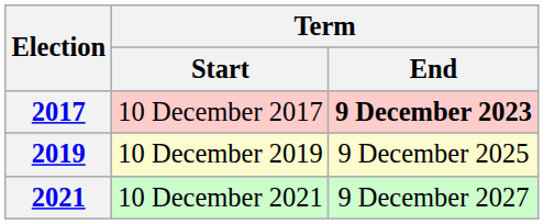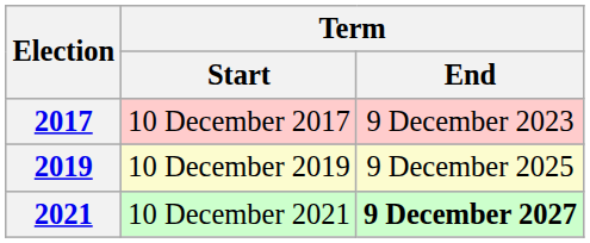 <table class="wikitable" style="text-align:center">
 <tr>
 <th rowspan="2">Election</th>
 <th colspan="2">Term</th>
 </tr>
 <tr>
 <th>Start</th>
 <th>End</th>
 </tr>
 <tr>
 <th><a href='#'>2017</a></th>
 <td bgcolor="#fcc">10 December 2017</td>
-<td bgcolor="#fcc"><strong>9 December 2023</strong></td>
+<td bgcolor="#fcc">9 December 2023</td>
 </tr>
 <tr>
 <th><a href='#'>2019</a></th>
 <td bgcolor="#fcfccf">10 December 2019</td>
 <td bgcolor="#fcfccf">9 December 2025</td>
 </tr>
 <tr>
 <th><a href='#'>2021</a></th>
 <td bgcolor="#cfc">10 December 2021</td>
-<td bgcolor="#cfc">9 December 2027</td>
+<td bgcolor="#cfc"><strong>9 December 2027</strong></td>
 </tr>
 </table>
